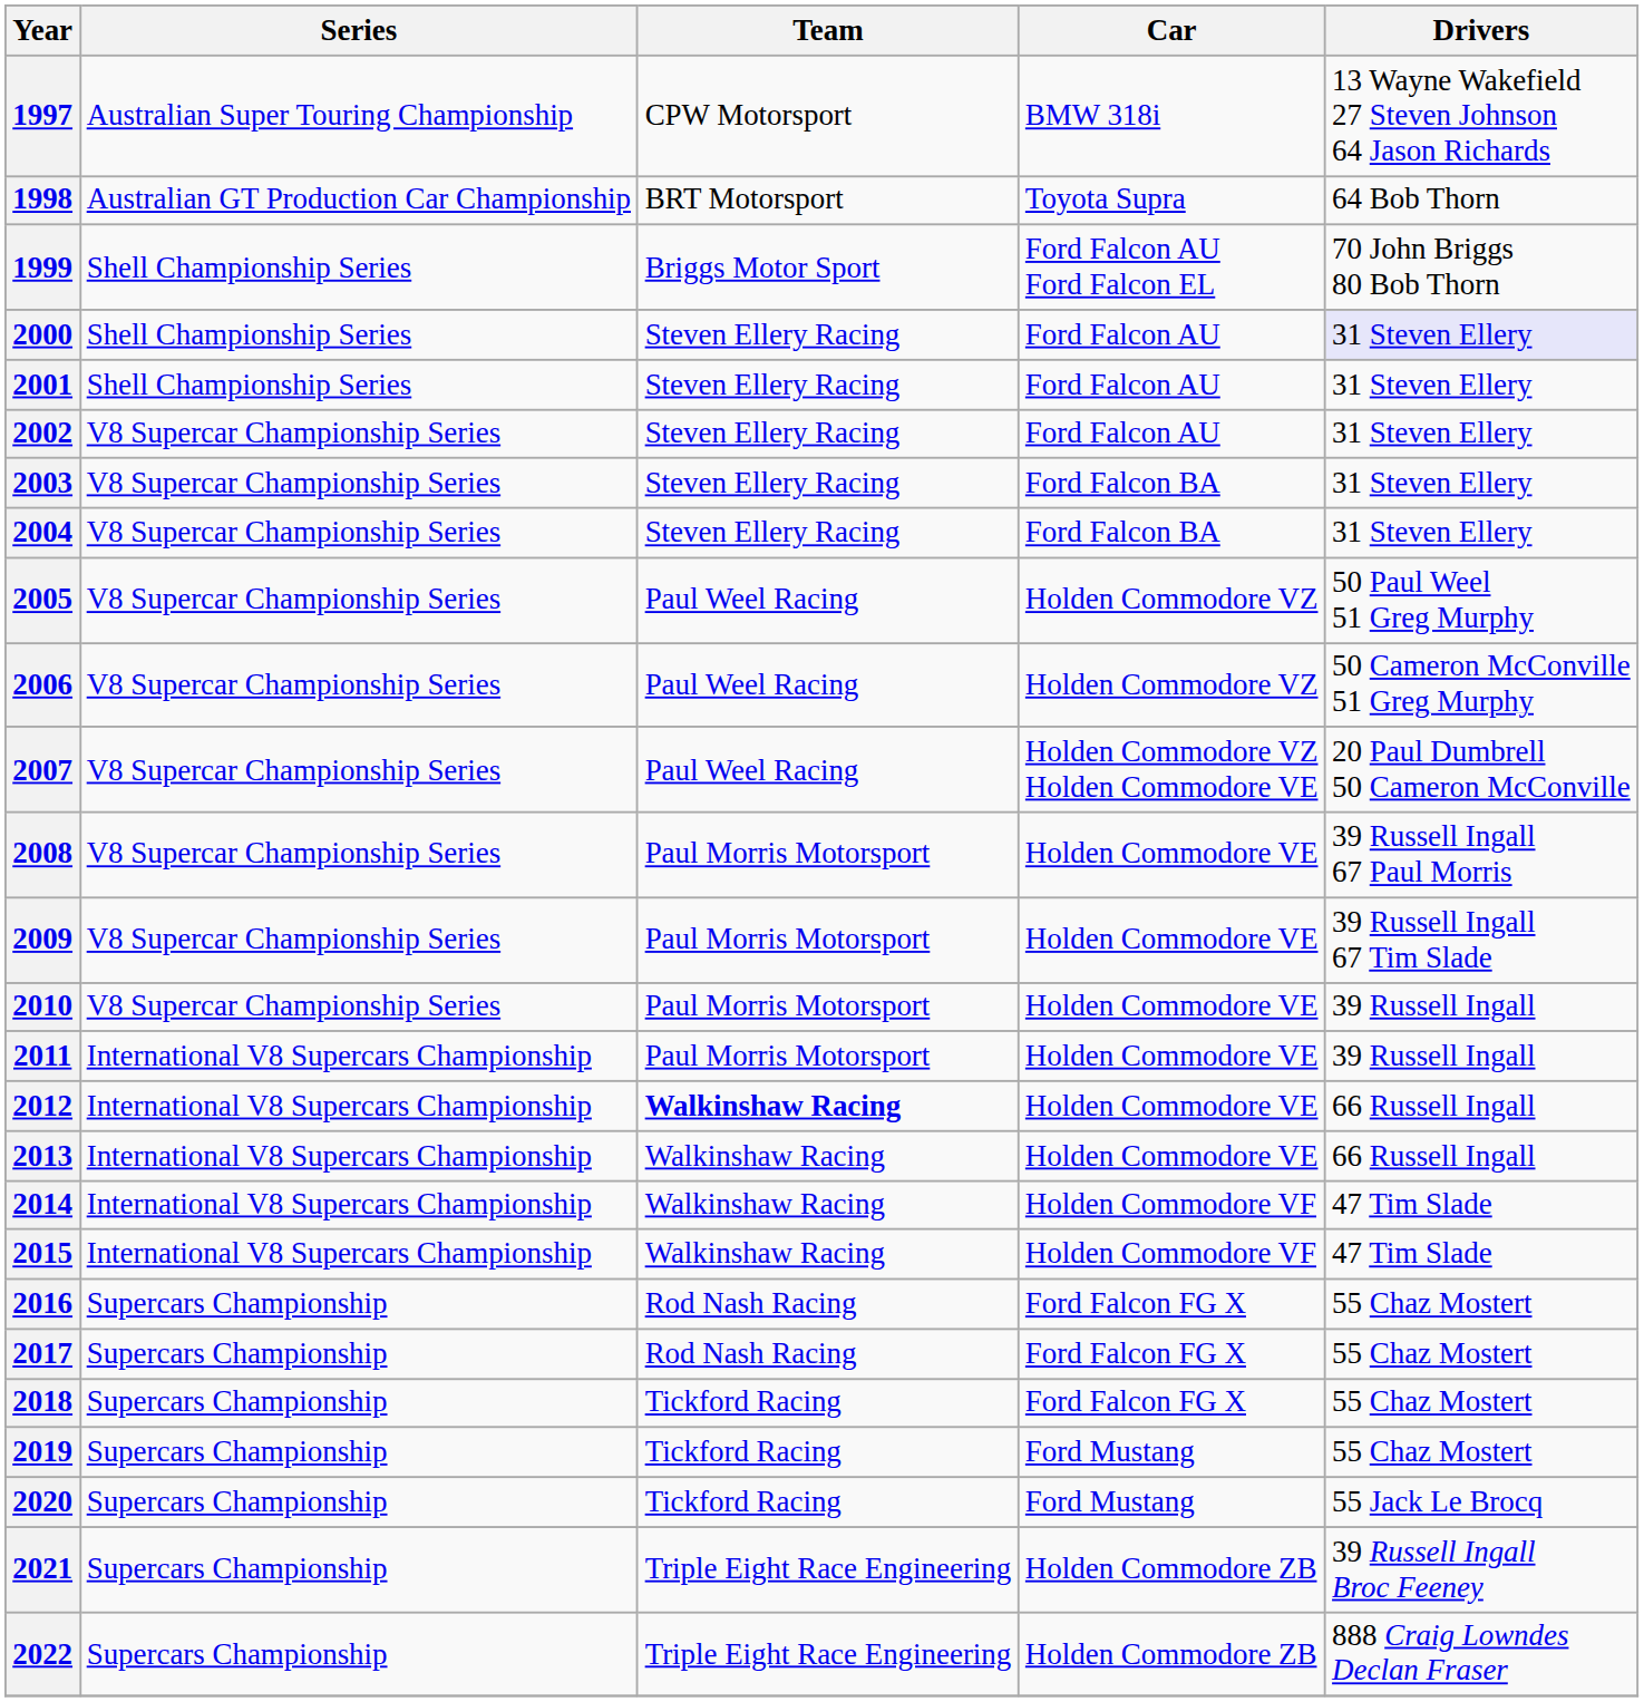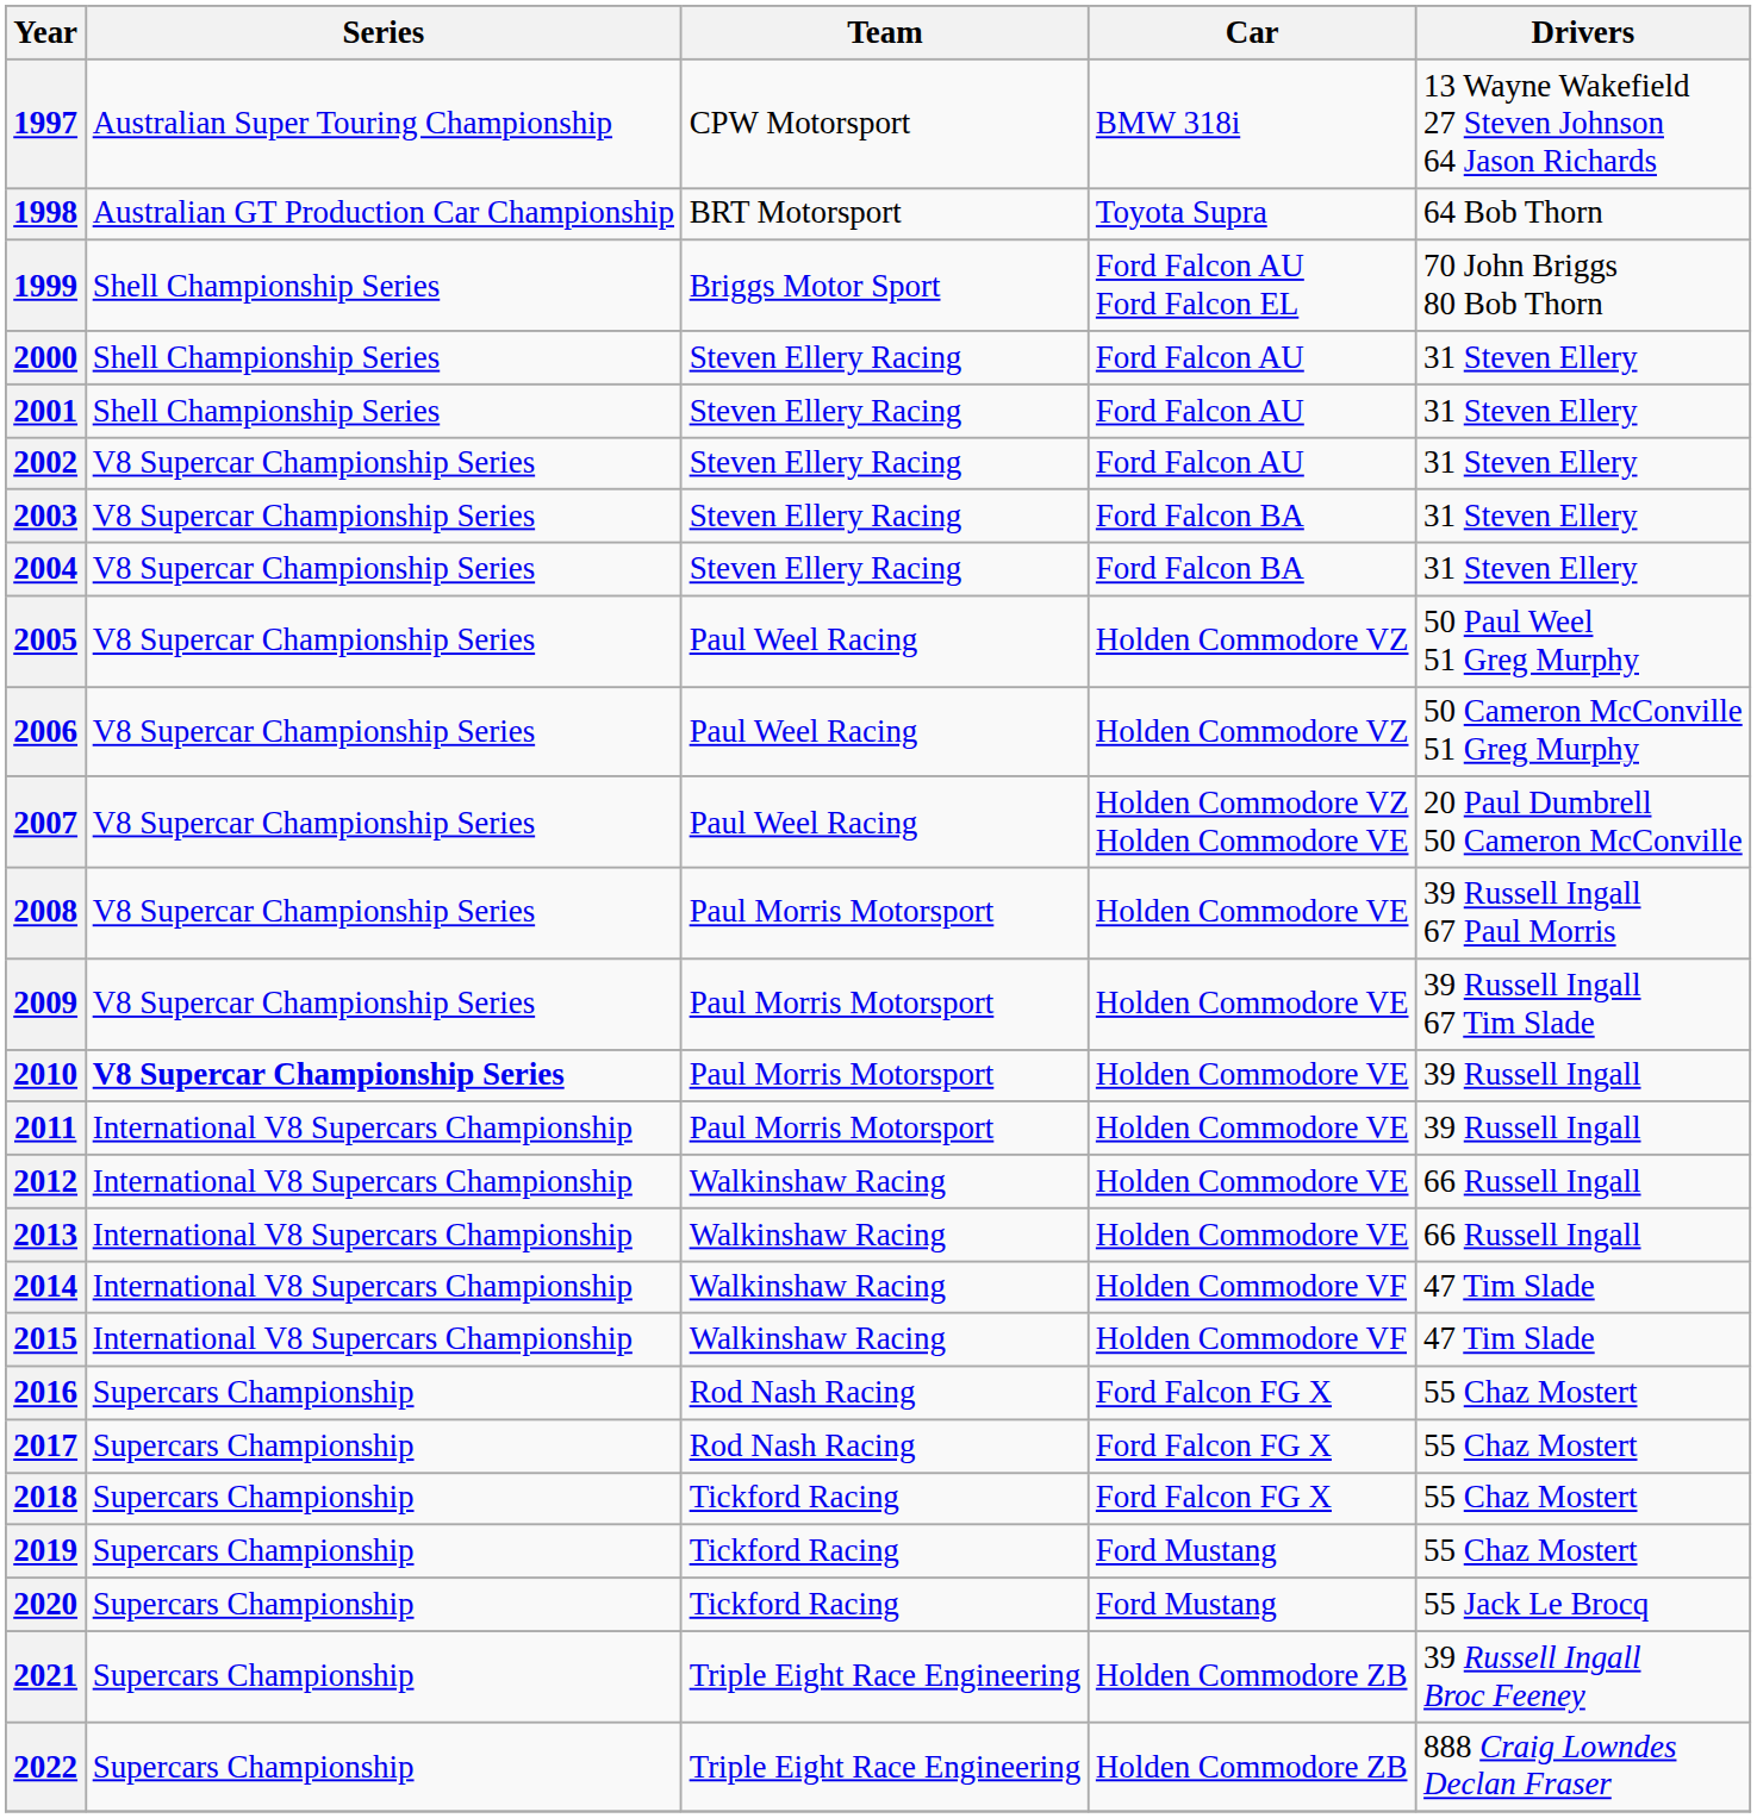 <table class="wikitable" style="font-size: 90%">
 <tr>
 <th>Year</th>
 <th>Series</th>
 <th>Team</th>
 <th>Car</th>
 <th>Drivers</th>
 </tr>
 <tr>
 <th><a href='#'>1997</a></th>
 <td><a href='#'>Australian Super Touring Championship</a></td>
 <td>CPW Motorsport</td>
 <td><a href='#'>BMW 318i</a></td>
 <td>13 Wayne Wakefield<br>27 <a href='#'>Steven Johnson</a><br>64 <a href='#'>Jason Richards</a></td>
 </tr>
 <tr>
 <th><a href='#'>1998</a></th>
 <td><a href='#'>Australian GT Production Car Championship</a></td>
 <td>BRT Motorsport</td>
 <td><a href='#'>Toyota Supra</a></td>
 <td>64 Bob Thorn</td>
 </tr>
 <tr>
 <th><a href='#'>1999</a></th>
 <td><a href='#'>Shell Championship Series</a></td>
 <td><a href='#'>Briggs Motor Sport</a></td>
 <td><a href='#'>Ford Falcon AU</a><br><a href='#'>Ford Falcon EL</a></td>
 <td>70 John Briggs<br>80 Bob Thorn</td>
 </tr>
 <tr>
 <th><a href='#'>2000</a></th>
 <td><a href='#'>Shell Championship Series</a></td>
 <td><a href='#'>Steven Ellery Racing</a></td>
 <td><a href='#'>Ford Falcon AU</a></td>
-<td style="background: lavender;">31 <a href='#'>Steven Ellery</a></td>
+<td>31 <a href='#'>Steven Ellery</a></td>
 </tr>
 <tr>
 <th><a href='#'>2001</a></th>
 <td><a href='#'>Shell Championship Series</a></td>
 <td><a href='#'>Steven Ellery Racing</a></td>
 <td><a href='#'>Ford Falcon AU</a></td>
 <td>31 <a href='#'>Steven Ellery</a></td>
 </tr>
 <tr>
 <th><a href='#'>2002</a></th>
 <td><a href='#'>V8 Supercar Championship Series</a></td>
 <td><a href='#'>Steven Ellery Racing</a></td>
 <td><a href='#'>Ford Falcon AU</a></td>
 <td>31 <a href='#'>Steven Ellery</a></td>
 </tr>
 <tr>
 <th><a href='#'>2003</a></th>
 <td><a href='#'>V8 Supercar Championship Series</a></td>
 <td><a href='#'>Steven Ellery Racing</a></td>
 <td><a href='#'>Ford Falcon BA</a></td>
 <td>31 <a href='#'>Steven Ellery</a></td>
 </tr>
 <tr>
 <th><a href='#'>2004</a></th>
 <td><a href='#'>V8 Supercar Championship Series</a></td>
 <td><a href='#'>Steven Ellery Racing</a></td>
 <td><a href='#'>Ford Falcon BA</a></td>
 <td>31 <a href='#'>Steven Ellery</a></td>
 </tr>
 <tr>
 <th><a href='#'>2005</a></th>
 <td><a href='#'>V8 Supercar Championship Series</a></td>
 <td><a href='#'>Paul Weel Racing</a></td>
 <td><a href='#'>Holden Commodore VZ</a></td>
 <td>50 <a href='#'>Paul Weel</a><br>51 <a href='#'>Greg Murphy</a></td>
 </tr>
 <tr>
 <th><a href='#'>2006</a></th>
 <td><a href='#'>V8 Supercar Championship Series</a></td>
 <td><a href='#'>Paul Weel Racing</a></td>
 <td><a href='#'>Holden Commodore VZ</a></td>
 <td>50 <a href='#'>Cameron McConville</a><br>51 <a href='#'>Greg Murphy</a></td>
 </tr>
 <tr>
 <th><a href='#'>2007</a></th>
 <td><a href='#'>V8 Supercar Championship Series</a></td>
 <td><a href='#'>Paul Weel Racing</a></td>
 <td><a href='#'>Holden Commodore VZ</a><br><a href='#'>Holden Commodore VE</a></td>
 <td>20 <a href='#'>Paul Dumbrell</a><br>50 <a href='#'>Cameron McConville</a></td>
 </tr>
 <tr>
 <th><a href='#'>2008</a></th>
 <td><a href='#'>V8 Supercar Championship Series</a></td>
 <td><a href='#'>Paul Morris Motorsport</a></td>
 <td><a href='#'>Holden Commodore VE</a></td>
 <td>39 <a href='#'>Russell Ingall</a><br>67 <a href='#'>Paul Morris</a></td>
 </tr>
 <tr>
 <th><a href='#'>2009</a></th>
 <td><a href='#'>V8 Supercar Championship Series</a></td>
 <td><a href='#'>Paul Morris Motorsport</a></td>
 <td><a href='#'>Holden Commodore VE</a></td>
 <td>39 <a href='#'>Russell Ingall</a><br>67 <a href='#'>Tim Slade</a></td>
 </tr>
 <tr>
 <th><a href='#'>2010</a></th>
-<td><a href='#'>V8 Supercar Championship Series</a></td>
+<td><strong><a href='#'>V8 Supercar Championship Series</a></strong></td>
 <td><a href='#'>Paul Morris Motorsport</a></td>
 <td><a href='#'>Holden Commodore VE</a></td>
 <td>39 <a href='#'>Russell Ingall</a></td>
 </tr>
 <tr>
 <th><a href='#'>2011</a></th>
 <td><a href='#'>International V8 Supercars Championship</a></td>
 <td><a href='#'>Paul Morris Motorsport</a></td>
 <td><a href='#'>Holden Commodore VE</a></td>
 <td>39 <a href='#'>Russell Ingall</a></td>
 </tr>
 <tr>
 <th><a href='#'>2012</a></th>
 <td><a href='#'>International V8 Supercars Championship</a></td>
-<td><strong><a href='#'>Walkinshaw Racing</a></strong></td>
+<td><a href='#'>Walkinshaw Racing</a></td>
 <td><a href='#'>Holden Commodore VE</a></td>
 <td>66 <a href='#'>Russell Ingall</a></td>
 </tr>
 <tr>
 <th><a href='#'>2013</a></th>
 <td><a href='#'>International V8 Supercars Championship</a></td>
 <td><a href='#'>Walkinshaw Racing</a></td>
 <td><a href='#'>Holden Commodore VE</a></td>
 <td>66 <a href='#'>Russell Ingall</a></td>
 </tr>
 <tr>
 <th><a href='#'>2014</a></th>
 <td><a href='#'>International V8 Supercars Championship</a></td>
 <td><a href='#'>Walkinshaw Racing</a></td>
 <td><a href='#'>Holden Commodore VF</a></td>
 <td>47 <a href='#'>Tim Slade</a></td>
 </tr>
 <tr>
 <th><a href='#'>2015</a></th>
 <td><a href='#'>International V8 Supercars Championship</a></td>
 <td><a href='#'>Walkinshaw Racing</a></td>
 <td><a href='#'>Holden Commodore VF</a></td>
 <td>47 <a href='#'>Tim Slade</a></td>
 </tr>
 <tr>
 <th><a href='#'>2016</a></th>
 <td><a href='#'>Supercars Championship</a></td>
 <td><a href='#'>Rod Nash Racing</a></td>
 <td><a href='#'>Ford Falcon FG X</a></td>
 <td>55 <a href='#'>Chaz Mostert</a></td>
 </tr>
 <tr>
 <th><a href='#'>2017</a></th>
 <td><a href='#'>Supercars Championship</a></td>
 <td><a href='#'>Rod Nash Racing</a></td>
 <td><a href='#'>Ford Falcon FG X</a></td>
 <td>55 <a href='#'>Chaz Mostert</a></td>
 </tr>
 <tr>
 <th><a href='#'>2018</a></th>
 <td><a href='#'>Supercars Championship</a></td>
 <td><a href='#'>Tickford Racing</a></td>
 <td><a href='#'>Ford Falcon FG X</a></td>
 <td>55 <a href='#'>Chaz Mostert</a></td>
 </tr>
 <tr>
 <th><a href='#'>2019</a></th>
 <td><a href='#'>Supercars Championship</a></td>
 <td><a href='#'>Tickford Racing</a></td>
 <td><a href='#'>Ford Mustang</a></td>
 <td>55 <a href='#'>Chaz Mostert</a></td>
 </tr>
 <tr>
 <th><a href='#'>2020</a></th>
 <td><a href='#'>Supercars Championship</a></td>
 <td><a href='#'>Tickford Racing</a></td>
 <td><a href='#'>Ford Mustang</a></td>
 <td>55 <a href='#'>Jack Le Brocq</a></td>
 </tr>
 <tr>
 <th><a href='#'>2021</a></th>
 <td><a href='#'>Supercars Championship</a></td>
 <td><a href='#'>Triple Eight Race Engineering</a></td>
 <td><a href='#'>Holden Commodore ZB</a></td>
 <td>39 <em><a href='#'>Russell Ingall</a></em><br> <em><a href='#'>Broc Feeney</a></em></td>
 </tr>
 <tr>
 <th><a href='#'>2022</a></th>
 <td><a href='#'>Supercars Championship</a></td>
 <td><a href='#'>Triple Eight Race Engineering</a></td>
 <td><a href='#'>Holden Commodore ZB</a></td>
 <td>888 <em><a href='#'>Craig Lowndes</a></em><br> <em><a href='#'>Declan Fraser</a></em></td>
 </tr>
 <tr>
 </tr>
 </table>
